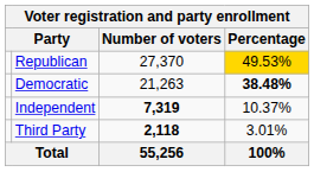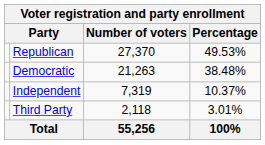 <table class="wikitable float">
 <tr>
 <th colspan = 6>Voter registration and party enrollment</th>
 </tr>
 <tr>
 <th colspan = 2>Party</th>
 <th>Number of voters</th>
 <th>Percentage</th>
 </tr>
 <tr>
 <td></td>
 <td><a href='#'>Republican</a></td>
 <td style="text-align:center;">27,370</td>
-<td style="background: gold; text-align:center;">49.53%</td>
+<td style="text-align:center;">49.53%</td>
 </tr>
 <tr>
 <td></td>
 <td><a href='#'>Democratic</a></td>
 <td style="text-align:center;">21,263</td>
-<td style="text-align:center;"><strong>38.48%</strong></td>
+<td style="text-align:center;">38.48%</td>
 </tr>
 <tr>
 <td></td>
 <td><a href='#'>Independent</a></td>
-<td style="text-align:center;"><strong>7,319</strong></td>
+<td style="text-align:center;">7,319</td>
 <td style="text-align:center;">10.37%</td>
 </tr>
 <tr>
 <td></td>
 <td><a href='#'>Third Party</a></td>
-<td style="text-align:center;"><strong>2,118</strong></td>
+<td style="text-align:center;">2,118</td>
 <td style="text-align:center;">3.01%</td>
 </tr>
 <tr>
 <th colspan="2">Total</th>
 <th style="text-align:center;">55,256</th>
 <th style="text-align:center;">100%</th>
 </tr>
 </table>
